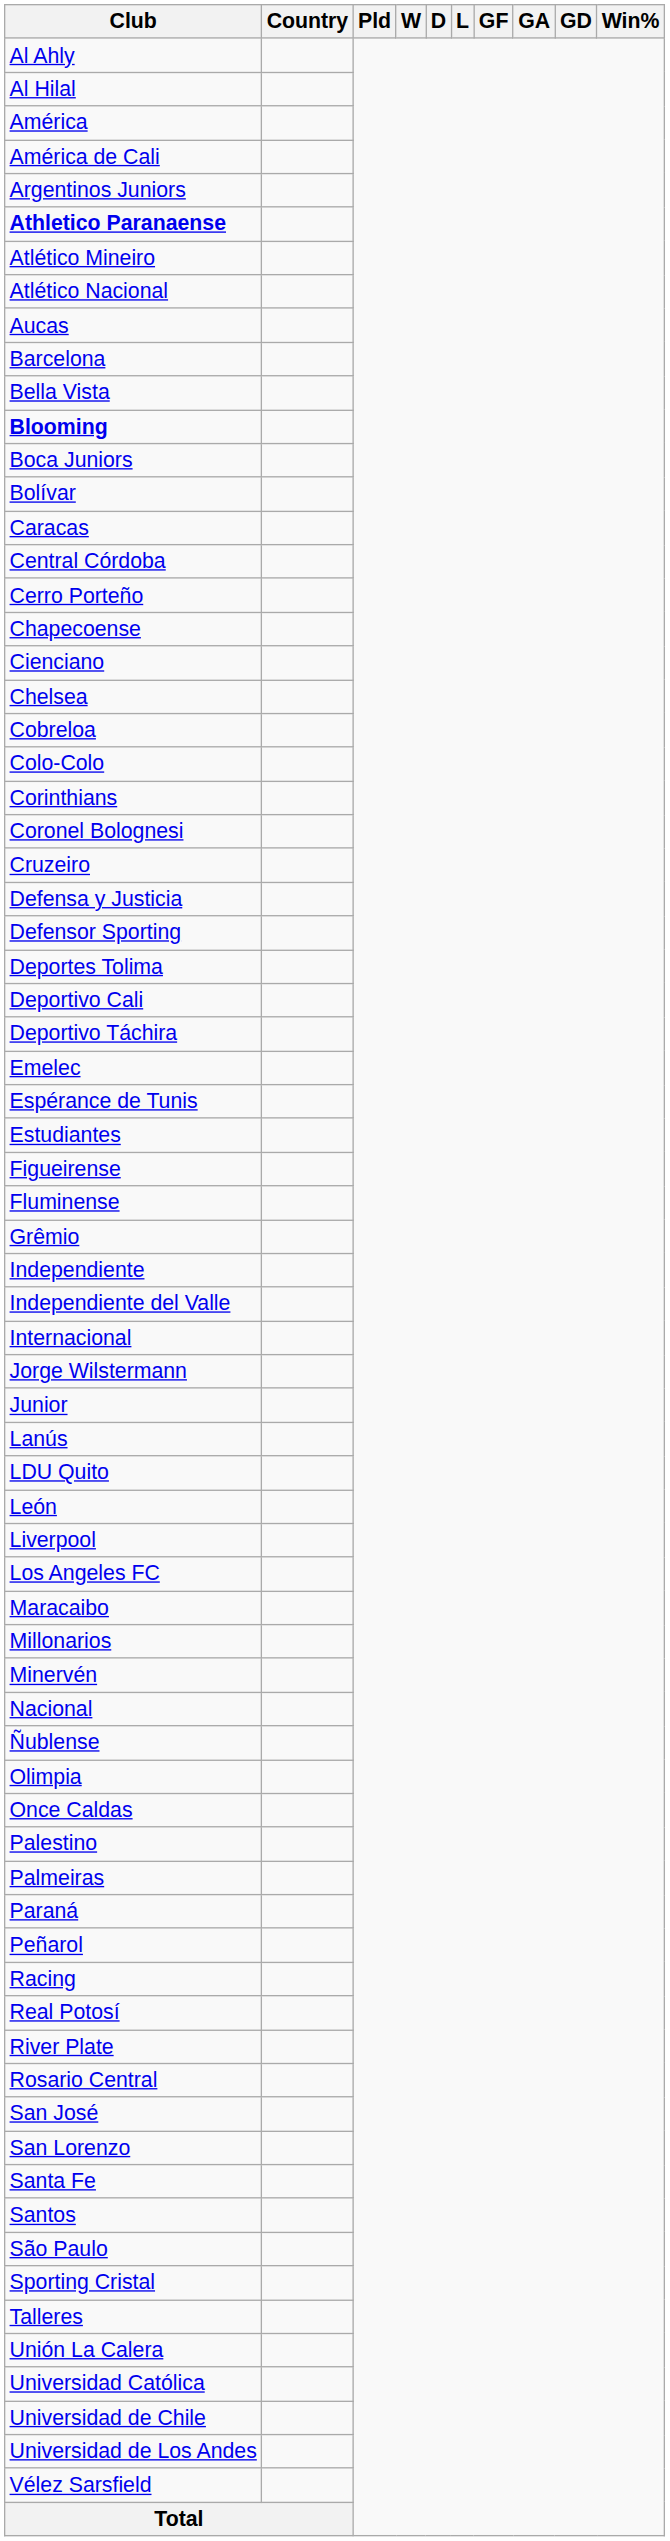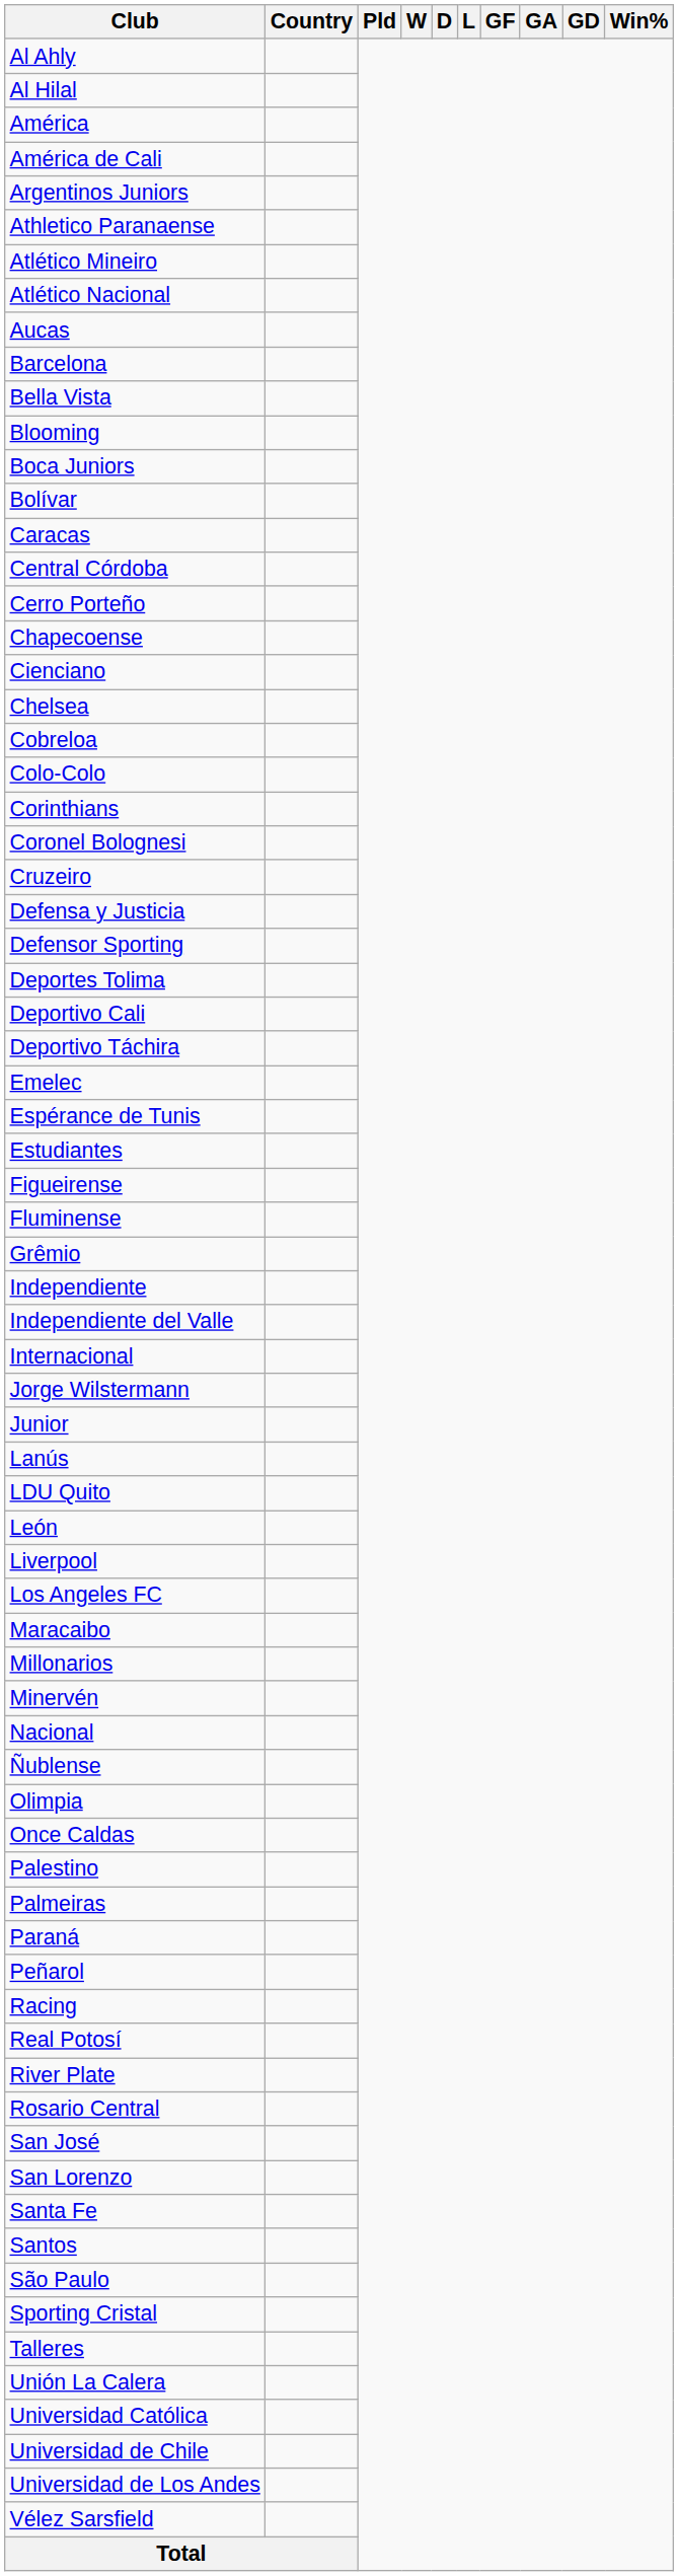 <table class="wikitable plainrowheaders sortable" style="text-align:center">
 <tr>
 <th scope="col">Club</th>
 <th scope="col">Country</th>
 <th scope="col">Pld</th>
 <th scope="col">W</th>
 <th scope="col">D</th>
 <th scope="col">L</th>
 <th scope="col">GF</th>
 <th scope="col">GA</th>
 <th scope="col">GD</th>
 <th scope="col">Win%</th>
 </tr>
 <tr>
 <td scope="row" align=left><a href='#'>Al Ahly</a></td>
 <td><br></td>
 </tr>
 <tr>
 <td scope="row" align=left><a href='#'>Al Hilal</a></td>
 <td><br></td>
 </tr>
 <tr>
 <td scope="row" align=left><a href='#'>América</a></td>
 <td><br></td>
 </tr>
 <tr>
 <td scope="row" align=left><a href='#'>América de Cali</a></td>
 <td><br></td>
 </tr>
 <tr>
 <td scope="row" align=left><a href='#'>Argentinos Juniors</a></td>
 <td><br></td>
 </tr>
 <tr>
-<td scope="row" align=left><strong><a href='#'>Athletico Paranaense</a></strong></td>
+<td scope="row" align=left><a href='#'>Athletico Paranaense</a></td>
 <td><br></td>
 </tr>
 <tr>
 <td scope="row" align=left><a href='#'>Atlético Mineiro</a></td>
 <td><br></td>
 </tr>
 <tr>
 <td scope="row" align=left><a href='#'>Atlético Nacional</a></td>
 <td><br></td>
 </tr>
 <tr>
 <td scope="row" align=left><a href='#'>Aucas</a></td>
 <td><br></td>
 </tr>
 <tr>
 <td scope="row" align=left><a href='#'>Barcelona</a></td>
 <td><br></td>
 </tr>
 <tr>
 <td scope="row" align=left><a href='#'>Bella Vista</a></td>
 <td><br></td>
 </tr>
 <tr>
-<td scope="row" align=left><strong><a href='#'>Blooming</a></strong></td>
+<td scope="row" align=left><a href='#'>Blooming</a></td>
 <td><br></td>
 </tr>
 <tr>
 <td scope="row" align=left><a href='#'>Boca Juniors</a></td>
 <td><br></td>
 </tr>
 <tr>
 <td scope="row" align=left><a href='#'>Bolívar</a></td>
 <td><br></td>
 </tr>
 <tr>
 <td scope="row" align=left><a href='#'>Caracas</a></td>
 <td><br></td>
 </tr>
 <tr>
 <td scope="row" align=left><a href='#'>Central Córdoba</a></td>
 <td><br></td>
 </tr>
 <tr>
 <td scope="row" align=left><a href='#'>Cerro Porteño</a></td>
 <td><br></td>
 </tr>
 <tr>
 <td scope="row" align=left><a href='#'>Chapecoense</a></td>
 <td><br></td>
 </tr>
 <tr>
 <td scope="row" align=left><a href='#'>Cienciano</a></td>
 <td><br></td>
 </tr>
 <tr>
 <td scope="row" align=left><a href='#'>Chelsea</a></td>
 <td><br></td>
 </tr>
 <tr>
 <td scope="row" align=left><a href='#'>Cobreloa</a></td>
 <td><br></td>
 </tr>
 <tr>
 <td scope="row" align=left><a href='#'>Colo-Colo</a></td>
 <td><br></td>
 </tr>
 <tr>
 <td scope="row" align=left><a href='#'>Corinthians</a></td>
 <td><br></td>
 </tr>
 <tr>
 <td scope="row" align=left><a href='#'>Coronel Bolognesi</a></td>
 <td><br></td>
 </tr>
 <tr>
 <td scope="row" align=left><a href='#'>Cruzeiro</a></td>
 <td><br></td>
 </tr>
 <tr>
 <td scope="row" align=left><a href='#'>Defensa y Justicia</a></td>
 <td><br></td>
 </tr>
 <tr>
 <td scope="row" align=left><a href='#'>Defensor Sporting</a></td>
 <td><br></td>
 </tr>
 <tr>
 <td scope="row" align=left><a href='#'>Deportes Tolima</a></td>
 <td><br></td>
 </tr>
 <tr>
 <td scope="row" align=left><a href='#'>Deportivo Cali</a></td>
 <td><br></td>
 </tr>
 <tr>
 <td scope="row" align=left><a href='#'>Deportivo Táchira</a></td>
 <td><br></td>
 </tr>
 <tr>
 <td scope="row" align=left><a href='#'>Emelec</a></td>
 <td><br></td>
 </tr>
 <tr>
 <td scope="row" align=left><a href='#'>Espérance de Tunis</a></td>
 <td><br></td>
 </tr>
 <tr>
 <td scope="row" align=left><a href='#'>Estudiantes</a></td>
 <td><br></td>
 </tr>
 <tr>
 <td scope="row" align=left><a href='#'>Figueirense</a></td>
 <td><br></td>
 </tr>
 <tr>
 <td scope="row" align=left><a href='#'>Fluminense</a></td>
 <td><br></td>
 </tr>
 <tr>
 <td scope="row" align=left><a href='#'>Grêmio</a></td>
 <td><br></td>
 </tr>
 <tr>
 <td scope="row" align=left><a href='#'>Independiente</a></td>
 <td><br></td>
 </tr>
 <tr>
 <td scope="row" align=left><a href='#'>Independiente del Valle</a></td>
 <td><br></td>
 </tr>
 <tr>
 <td scope="row" align=left><a href='#'>Internacional</a></td>
 <td><br></td>
 </tr>
 <tr>
 <td scope="row" align=left><a href='#'>Jorge Wilstermann</a></td>
 <td><br></td>
 </tr>
 <tr>
 <td scope="row" align=left><a href='#'>Junior</a></td>
 <td><br></td>
 </tr>
 <tr>
 <td scope="row" align=left><a href='#'>Lanús</a></td>
 <td><br></td>
 </tr>
 <tr>
 <td scope="row" align=left><a href='#'>LDU Quito</a></td>
 <td><br></td>
 </tr>
 <tr>
 <td scope="row" align=left><a href='#'>León</a></td>
 <td><br></td>
 </tr>
 <tr>
 <td scope="row" align=left><a href='#'>Liverpool</a></td>
 <td><br></td>
 </tr>
 <tr>
 <td scope="row" align=left><a href='#'>Los Angeles FC</a></td>
 <td><br></td>
 </tr>
 <tr>
 <td scope="row" align=left><a href='#'>Maracaibo</a></td>
 <td><br></td>
 </tr>
 <tr>
 <td scope="row" align=left><a href='#'>Millonarios</a></td>
 <td><br></td>
 </tr>
 <tr>
 <td scope="row" align=left><a href='#'>Minervén</a></td>
 <td><br></td>
 </tr>
 <tr>
 <td scope="row" align=left><a href='#'>Nacional</a></td>
 <td><br></td>
 </tr>
 <tr>
 <td scope="row" align=left><a href='#'>Ñublense</a></td>
 <td><br></td>
 </tr>
 <tr>
 <td scope="row" align=left><a href='#'>Olimpia</a></td>
 <td><br></td>
 </tr>
 <tr>
 <td scope="row" align=left><a href='#'>Once Caldas</a></td>
 <td><br></td>
 </tr>
 <tr>
 <td scope="row" align=left><a href='#'>Palestino</a></td>
 <td><br></td>
 </tr>
 <tr>
 <td scope="row" align=left><a href='#'>Palmeiras</a></td>
 <td><br></td>
 </tr>
 <tr>
 <td scope="row" align=left><a href='#'>Paraná</a></td>
 <td><br></td>
 </tr>
 <tr>
 <td scope="row" align=left><a href='#'>Peñarol</a></td>
 <td><br></td>
 </tr>
 <tr>
 <td scope="row" align=left><a href='#'>Racing</a></td>
 <td><br></td>
 </tr>
 <tr>
 <td scope="row" align=left><a href='#'>Real Potosí</a></td>
 <td><br></td>
 </tr>
 <tr>
 <td scope="row" align=left><a href='#'>River Plate</a></td>
 <td><br></td>
 </tr>
 <tr>
 <td scope="row" align=left><a href='#'>Rosario Central</a></td>
 <td><br></td>
 </tr>
 <tr>
 <td scope="row" align=left><a href='#'>San José</a></td>
 <td><br></td>
 </tr>
 <tr>
 <td scope="row" align=left><a href='#'>San Lorenzo</a></td>
 <td><br></td>
 </tr>
 <tr>
 <td scope="row" align=left><a href='#'>Santa Fe</a></td>
 <td><br></td>
 </tr>
 <tr>
 <td scope="row" align=left><a href='#'>Santos</a></td>
 <td><br></td>
 </tr>
 <tr>
 <td scope="row" align=left><a href='#'>São Paulo</a></td>
 <td><br></td>
 </tr>
 <tr>
 <td scope="row" align=left><a href='#'>Sporting Cristal</a></td>
 <td><br></td>
 </tr>
 <tr>
 <td scope="row" align=left><a href='#'>Talleres</a></td>
 <td><br></td>
 </tr>
 <tr>
 <td scope="row" align=left><a href='#'>Unión La Calera</a></td>
 <td><br></td>
 </tr>
 <tr>
 <td scope="row" align=left><a href='#'>Universidad Católica</a></td>
 <td><br></td>
 </tr>
 <tr>
 <td scope="row" align=left><a href='#'>Universidad de Chile</a></td>
 <td><br></td>
 </tr>
 <tr>
 <td scope="row" align=left><a href='#'>Universidad de Los Andes</a></td>
 <td><br></td>
 </tr>
 <tr>
 <td scope="row" align=left><a href='#'>Vélez Sarsfield</a></td>
 <td><br></td>
 </tr>
 <tr>
 <th colspan="2">Total<br></th>
 </tr>
 </table>
